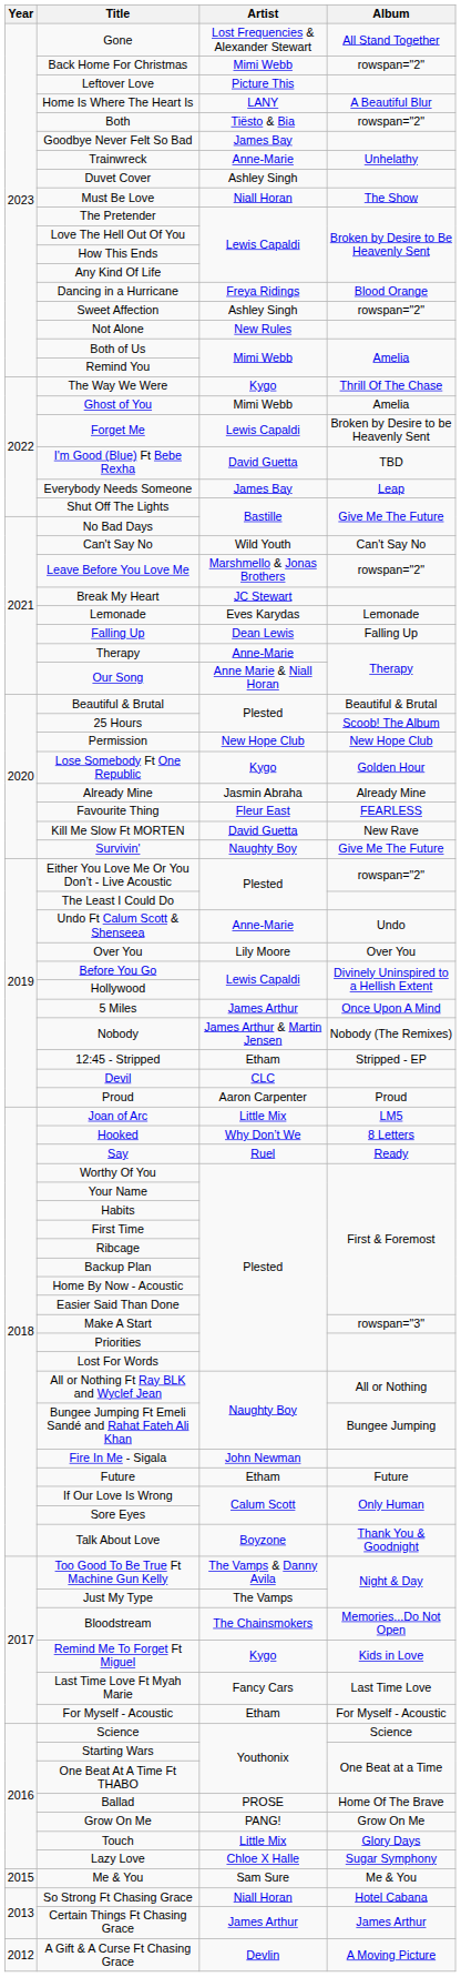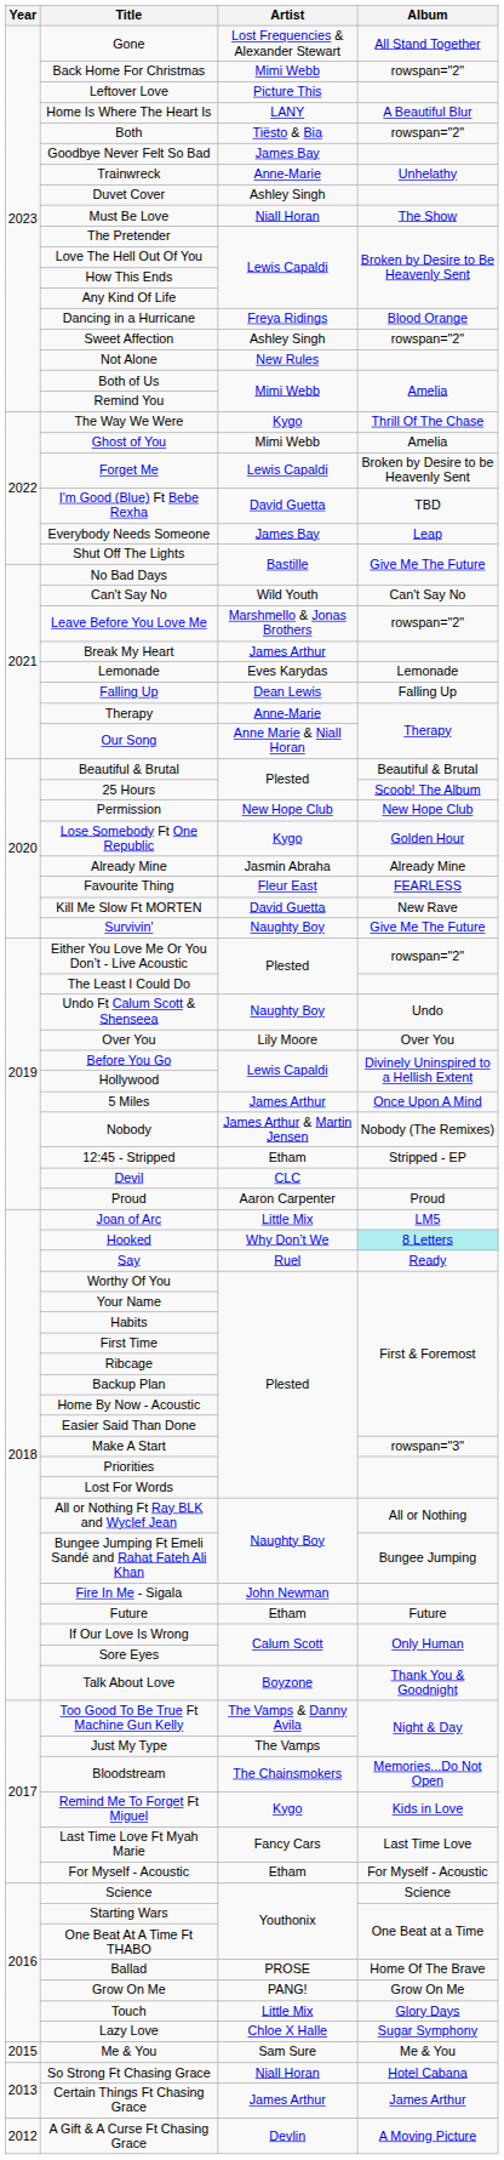 <table class="wikitable sortable plainrowheaders" style="text-align:center;">
 <tr>
 <th>Year</th>
 <th>Title</th>
 <th>Artist</th>
 <th>Album</th>
 </tr>
 <tr>
 <td rowspan="18">2023</td>
 <td>Gone</td>
 <td><a href='#'>Lost Frequencies</a> & Alexander Stewart</td>
 <td><a href='#'>All Stand Together</a></td>
 </tr>
 <tr>
 <td>Back Home For Christmas</td>
 <td><a href='#'>Mimi Webb</a></td>
 <td>rowspan="2" </td>
 </tr>
 <tr>
 <td>Leftover Love</td>
 <td><a href='#'>Picture This</a></td>
 </tr>
 <tr>
 <td>Home Is Where The Heart Is</td>
 <td><a href='#'>LANY</a></td>
 <td><a href='#'>A Beautiful Blur</a></td>
 </tr>
 <tr>
 <td>Both</td>
 <td><a href='#'>Tiësto</a> & <a href='#'>Bia</a></td>
 <td>rowspan="2" </td>
 </tr>
 <tr>
 <td>Goodbye Never Felt So Bad</td>
 <td><a href='#'>James Bay</a></td>
 </tr>
 <tr>
 <td>Trainwreck</td>
 <td><a href='#'>Anne-Marie</a></td>
 <td><a href='#'>Unhelathy</a></td>
 </tr>
 <tr>
 <td>Duvet Cover</td>
 <td>Ashley Singh</td>
 <td></td>
 </tr>
 <tr>
 <td>Must Be Love</td>
 <td><a href='#'>Niall Horan</a></td>
 <td><a href='#'>The Show</a></td>
 </tr>
 <tr>
 <td>The Pretender</td>
 <td rowspan="4"><a href='#'>Lewis Capaldi</a></td>
 <td rowspan="4"><a href='#'>Broken by Desire to Be Heavenly Sent</a></td>
 </tr>
 <tr>
 <td>Love The Hell Out Of You</td>
 </tr>
 <tr>
 <td>How This Ends</td>
 </tr>
 <tr>
 <td>Any Kind Of Life</td>
 </tr>
 <tr>
 <td>Dancing in a Hurricane</td>
 <td><a href='#'>Freya Ridings</a></td>
 <td><a href='#'>Blood Orange</a></td>
 </tr>
 <tr>
 <td>Sweet Affection</td>
 <td>Ashley Singh</td>
 <td>rowspan="2" </td>
 </tr>
 <tr>
 <td>Not Alone</td>
 <td><a href='#'>New Rules</a></td>
 </tr>
 <tr>
 <td>Both of Us</td>
 <td rowspan="2"><a href='#'>Mimi Webb</a></td>
 <td rowspan="2"><a href='#'>Amelia</a></td>
 </tr>
 <tr>
 <td>Remind You</td>
 </tr>
 <tr>
 <td rowspan="6">2022</td>
 <td>The Way We Were</td>
 <td><a href='#'>Kygo</a></td>
 <td><a href='#'>Thrill Of The Chase</a></td>
 </tr>
 <tr>
 <td><a href='#'>Ghost of You</a></td>
 <td>Mimi Webb</td>
 <td>Amelia</td>
 </tr>
 <tr>
 <td><a href='#'>Forget Me</a></td>
 <td><a href='#'>Lewis Capaldi</a></td>
 <td>Broken by Desire to be Heavenly Sent</td>
 </tr>
 <tr>
 <td><a href='#'>I'm Good (Blue)</a> Ft <a href='#'>Bebe Rexha</a></td>
 <td><a href='#'>David Guetta</a></td>
 <td>TBD</td>
 </tr>
 <tr>
 <td>Everybody Needs Someone</td>
 <td><a href='#'>James Bay</a></td>
 <td><a href='#'>Leap</a></td>
 </tr>
 <tr>
 <td>Shut Off The Lights</td>
 <td rowspan="2"><a href='#'>Bastille</a></td>
 <td rowspan="2"><a href='#'>Give Me The Future</a></td>
 </tr>
 <tr>
 <td rowspan="8">2021</td>
 <td>No Bad Days</td>
 </tr>
 <tr>
 <td>Can't Say No</td>
 <td>Wild Youth</td>
 <td>Can't Say No</td>
 </tr>
 <tr>
 <td><a href='#'>Leave Before You Love Me</a></td>
 <td><a href='#'>Marshmello</a> & <a href='#'>Jonas Brothers</a></td>
 <td>rowspan="2" </td>
 </tr>
 <tr>
 <td>Break My Heart</td>
-<td><a href='#'>JC Stewart</a></td>
+<td><a href='#'>James Arthur</a></td>
 </tr>
 <tr>
 <td>Lemonade</td>
 <td>Eves Karydas</td>
 <td>Lemonade</td>
 </tr>
 <tr>
 <td><a href='#'>Falling Up</a></td>
 <td><a href='#'>Dean Lewis</a></td>
 <td>Falling Up</td>
 </tr>
 <tr>
 <td>Therapy</td>
 <td><a href='#'>Anne-Marie</a></td>
 <td rowspan="2"><a href='#'>Therapy</a></td>
 </tr>
 <tr>
 <td><a href='#'>Our Song</a></td>
 <td><a href='#'>Anne Marie</a> & <a href='#'>Niall Horan</a></td>
 </tr>
 <tr>
 <td rowspan="8">2020</td>
 <td>Beautiful & Brutal</td>
 <td rowspan="2">Plested</td>
 <td>Beautiful & Brutal</td>
 </tr>
 <tr>
 <td>25 Hours</td>
 <td><a href='#'>Scoob! The Album</a></td>
 </tr>
 <tr>
 <td>Permission</td>
 <td><a href='#'>New Hope Club</a></td>
 <td><a href='#'>New Hope Club</a></td>
 </tr>
 <tr>
 <td><a href='#'>Lose Somebody</a> Ft <a href='#'>One Republic</a></td>
 <td><a href='#'>Kygo</a></td>
 <td><a href='#'>Golden Hour</a></td>
 </tr>
 <tr>
 <td>Already Mine</td>
 <td>Jasmin Abraha</td>
 <td>Already Mine</td>
 </tr>
 <tr>
 <td>Favourite Thing</td>
 <td><a href='#'>Fleur East</a></td>
 <td><a href='#'>FEARLESS</a></td>
 </tr>
 <tr>
 <td>Kill Me Slow Ft MORTEN</td>
 <td><a href='#'>David Guetta</a></td>
 <td>New Rave</td>
 </tr>
 <tr>
 <td><a href='#'>Survivin'</a></td>
 <td><a href='#'>Naughty Boy</a></td>
 <td><a href='#'>Give Me The Future</a></td>
 </tr>
 <tr>
 <td rowspan="11">2019</td>
 <td>Either You Love Me Or You Don’t - Live Acoustic</td>
 <td rowspan="2">Plested</td>
 <td>rowspan="2" </td>
 </tr>
 <tr>
 <td>The Least I Could Do</td>
 </tr>
 <tr>
 <td>Undo Ft <a href='#'>Calum Scott</a> & <a href='#'>Shenseea</a></td>
-<td><a href='#'>Anne-Marie</a></td>
+<td><a href='#'>Naughty Boy</a></td>
 <td>Undo</td>
 </tr>
 <tr>
 <td>Over You</td>
 <td>Lily Moore</td>
 <td>Over You</td>
 </tr>
 <tr>
 <td><a href='#'>Before You Go</a></td>
 <td rowspan="2"><a href='#'>Lewis Capaldi</a></td>
 <td rowspan="2"><a href='#'>Divinely Uninspired to a Hellish Extent</a></td>
 </tr>
 <tr>
 <td>Hollywood</td>
 </tr>
 <tr>
 <td>5 Miles</td>
 <td><a href='#'>James Arthur</a></td>
 <td><a href='#'>Once Upon A Mind</a></td>
 </tr>
 <tr>
 <td>Nobody</td>
 <td><a href='#'>James Arthur</a> & <a href='#'>Martin Jensen</a></td>
 <td>Nobody (The Remixes)</td>
 </tr>
 <tr>
 <td>12:45 - Stripped</td>
 <td>Etham</td>
 <td>Stripped - EP</td>
 </tr>
 <tr>
 <td><a href='#'>Devil</a></td>
 <td><a href='#'>CLC</a></td>
 <td></td>
 </tr>
 <tr>
 <td>Proud</td>
 <td>Aaron Carpenter</td>
 <td>Proud</td>
 </tr>
 <tr>
 <td rowspan="21">2018</td>
 <td><a href='#'>Joan of Arc</a></td>
 <td><a href='#'>Little Mix</a></td>
 <td><a href='#'>LM5</a></td>
 </tr>
 <tr>
 <td><a href='#'>Hooked</a></td>
 <td><a href='#'>Why Don’t We</a></td>
-<td><a href='#'>8 Letters</a></td>
+<td style="background: paleturquoise;"><a href='#'>8 Letters</a></td>
 </tr>
 <tr>
 <td><a href='#'>Say</a></td>
 <td><a href='#'>Ruel</a></td>
 <td><a href='#'>Ready</a></td>
 </tr>
 <tr>
 <td>Worthy Of You</td>
 <td rowspan="11">Plested</td>
 <td rowspan="8">First & Foremost</td>
 </tr>
 <tr>
 <td>Your Name</td>
 </tr>
 <tr>
 <td>Habits</td>
 </tr>
 <tr>
 <td>First Time</td>
 </tr>
 <tr>
 <td>Ribcage</td>
 </tr>
 <tr>
 <td>Backup Plan</td>
 </tr>
 <tr>
 <td>Home By Now - Acoustic</td>
 </tr>
 <tr>
 <td>Easier Said Than Done</td>
 </tr>
 <tr>
 <td>Make A Start</td>
 <td>rowspan="3" </td>
 </tr>
 <tr>
 <td>Priorities</td>
 </tr>
 <tr>
 <td>Lost For Words</td>
 </tr>
 <tr>
 <td>All or Nothing Ft <a href='#'>Ray BLK</a> and <a href='#'>Wyclef Jean</a></td>
 <td rowspan="2"><a href='#'>Naughty Boy</a></td>
 <td>All or Nothing</td>
 </tr>
 <tr>
 <td>Bungee Jumping Ft Emeli Sandé and <a href='#'>Rahat Fateh Ali Khan</a></td>
 <td>Bungee Jumping</td>
 </tr>
 <tr>
 <td><a href='#'>Fire In Me</a> - Sigala</td>
 <td><a href='#'>John Newman</a></td>
 <td></td>
 </tr>
 <tr>
 <td>Future</td>
 <td>Etham</td>
 <td>Future</td>
 </tr>
 <tr>
 <td>If Our Love Is Wrong</td>
 <td rowspan="2"><a href='#'>Calum Scott</a></td>
 <td rowspan="2"><a href='#'>Only Human</a></td>
 </tr>
 <tr>
 <td>Sore Eyes</td>
 </tr>
 <tr>
 <td>Talk About Love</td>
 <td><a href='#'>Boyzone</a></td>
 <td><a href='#'>Thank You & Goodnight</a></td>
 </tr>
 <tr>
 <td rowspan="6">2017</td>
 <td><a href='#'>Too Good To Be True</a> Ft <a href='#'>Machine Gun Kelly</a></td>
 <td><a href='#'>The Vamps</a> & <a href='#'>Danny Avila</a></td>
 <td rowspan="2"><a href='#'>Night & Day</a></td>
 </tr>
 <tr>
 <td>Just My Type</td>
 <td>The Vamps</td>
 </tr>
 <tr>
 <td>Bloodstream</td>
 <td><a href='#'>The Chainsmokers</a></td>
 <td><a href='#'>Memories...Do Not Open</a></td>
 </tr>
 <tr>
 <td><a href='#'>Remind Me To Forget</a> Ft <a href='#'>Miguel</a></td>
 <td><a href='#'>Kygo</a></td>
 <td><a href='#'>Kids in Love</a></td>
 </tr>
 <tr>
 <td>Last Time Love Ft Myah Marie</td>
 <td>Fancy Cars</td>
 <td>Last Time Love</td>
 </tr>
 <tr>
 <td>For Myself - Acoustic</td>
 <td>Etham</td>
 <td>For Myself - Acoustic</td>
 </tr>
 <tr>
 <td rowspan="7">2016</td>
 <td>Science</td>
 <td rowspan="3">Youthonix</td>
 <td>Science</td>
 </tr>
 <tr>
 <td>Starting Wars</td>
 <td rowspan="2">One Beat at a Time</td>
 </tr>
 <tr>
 <td>One Beat At A Time Ft THABO</td>
 </tr>
 <tr>
 <td>Ballad</td>
 <td>PROSE</td>
 <td>Home Of The Brave</td>
 </tr>
 <tr>
 <td>Grow On Me</td>
 <td>PANG!</td>
 <td>Grow On Me</td>
 </tr>
 <tr>
 <td>Touch</td>
 <td><a href='#'>Little Mix</a></td>
 <td><a href='#'>Glory Days</a></td>
 </tr>
 <tr>
 <td>Lazy Love</td>
 <td><a href='#'>Chloe X Halle</a></td>
 <td><a href='#'>Sugar Symphony</a></td>
 </tr>
 <tr>
 <td>2015</td>
 <td>Me & You</td>
 <td>Sam Sure</td>
 <td>Me & You</td>
 </tr>
 <tr>
 <td rowspan="2">2013</td>
 <td>So Strong Ft Chasing Grace</td>
 <td><a href='#'>Niall Horan</a></td>
 <td><a href='#'>Hotel Cabana</a></td>
 </tr>
 <tr>
 <td>Certain Things Ft Chasing Grace</td>
 <td><a href='#'>James Arthur</a></td>
 <td><a href='#'>James Arthur</a></td>
 </tr>
 <tr>
 <td>2012</td>
 <td>A Gift & A Curse Ft Chasing Grace</td>
 <td><a href='#'>Devlin</a></td>
 <td><a href='#'>A Moving Picture</a></td>
 </tr>
 </table>
